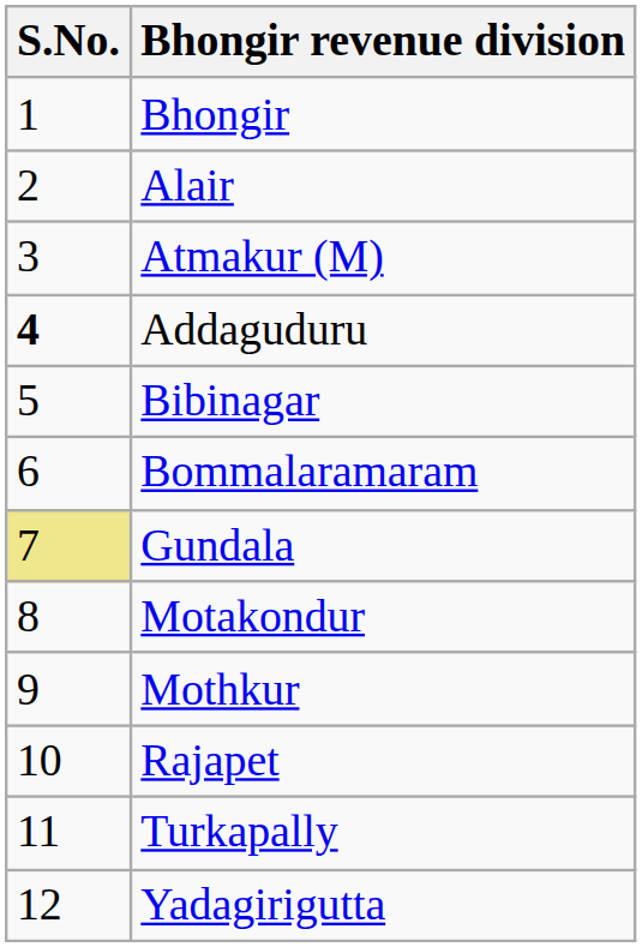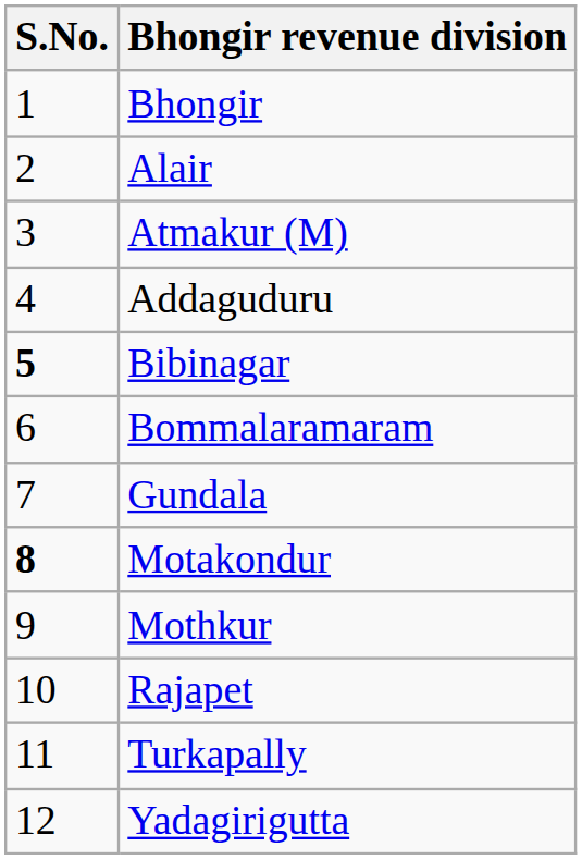 <table class="wikitable">
 <tr>
 <th>S.No.</th>
 <th>Bhongir revenue division</th>
 </tr>
 <tr>
 <td>1</td>
 <td><a href='#'>Bhongir</a></td>
 </tr>
 <tr>
 <td>2</td>
 <td><a href='#'>Alair</a></td>
 </tr>
 <tr>
 <td>3</td>
 <td><a href='#'>Atmakur (M)</a></td>
 </tr>
 <tr>
-<td><strong>4</strong></td>
+<td>4</td>
 <td>Addaguduru</td>
 </tr>
 <tr>
-<td>5</td>
+<td><strong>5</strong></td>
 <td><a href='#'>Bibinagar</a></td>
 </tr>
 <tr>
 <td>6</td>
 <td><a href='#'>Bommalaramaram</a></td>
 </tr>
 <tr>
-<td style="background: khaki;">7</td>
+<td>7</td>
 <td><a href='#'>Gundala</a></td>
 </tr>
 <tr>
-<td>8</td>
+<td><strong>8</strong></td>
 <td><a href='#'>Motakondur</a></td>
 </tr>
 <tr>
 <td>9</td>
 <td><a href='#'>Mothkur</a></td>
 </tr>
 <tr>
 <td>10</td>
 <td><a href='#'>Rajapet</a></td>
 </tr>
 <tr>
 <td>11</td>
 <td><a href='#'>Turkapally</a></td>
 </tr>
 <tr>
 <td>12</td>
 <td><a href='#'>Yadagirigutta</a></td>
 </tr>
 </table>
